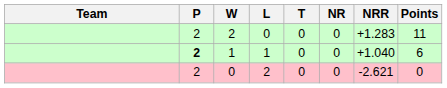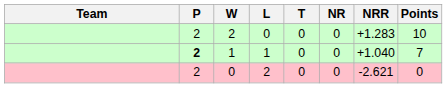 <table class="wikitable" style="text-align: center;">
 <tr>
 <th width=40%>Team</th>
 <th width=8%>P</th>
 <th width=8%>W</th>
 <th width=8%>L</th>
 <th width=8%>T</th>
 <th width=8%>NR</th>
 <th width=10%>NRR</th>
 <th width=10%>Points</th>
 </tr>
 <tr bgcolor=ccffcc>
 <td align=left></td>
 <td>2</td>
 <td>2</td>
 <td>0</td>
 <td>0</td>
 <td>0</td>
 <td>+1.283</td>
-<td>11</td>
+<td>10</td>
 </tr>
 <tr bgcolor=ccffcc>
 <td align=left></td>
 <td><strong>2</strong></td>
 <td>1</td>
 <td>1</td>
 <td>0</td>
 <td>0</td>
 <td>+1.040</td>
-<td>6</td>
+<td>7</td>
 </tr>
 <tr bgcolor=pink>
 <td align=left></td>
 <td>2</td>
 <td>0</td>
 <td>2</td>
 <td>0</td>
 <td>0</td>
 <td>-2.621</td>
 <td>0</td>
 </tr>
 </table>
